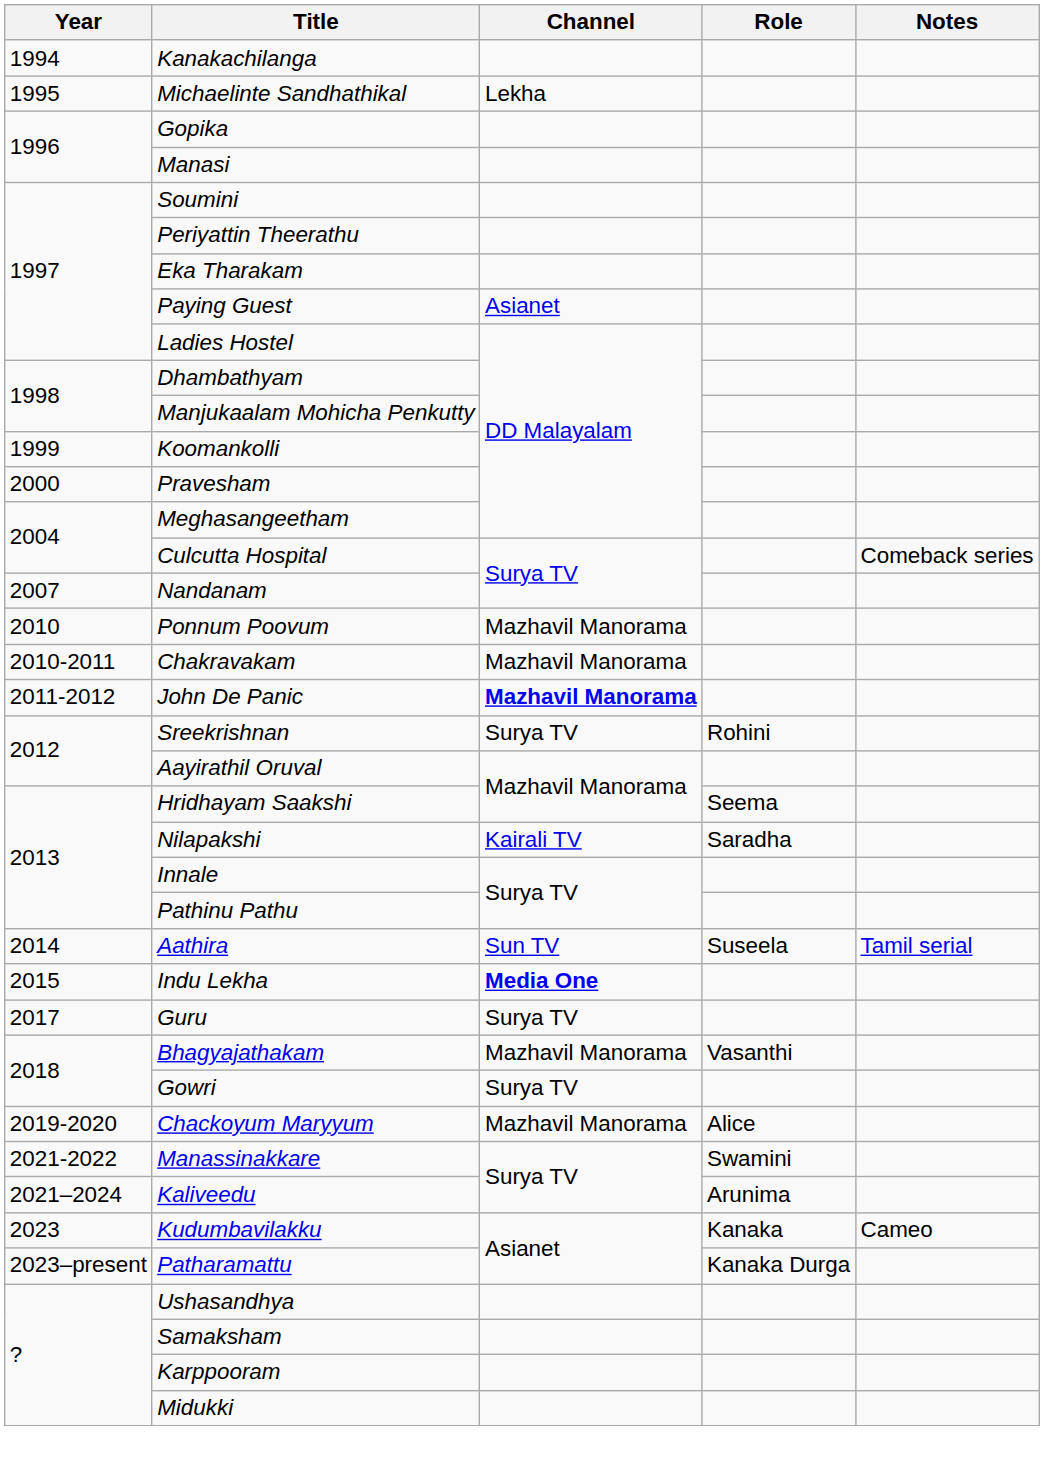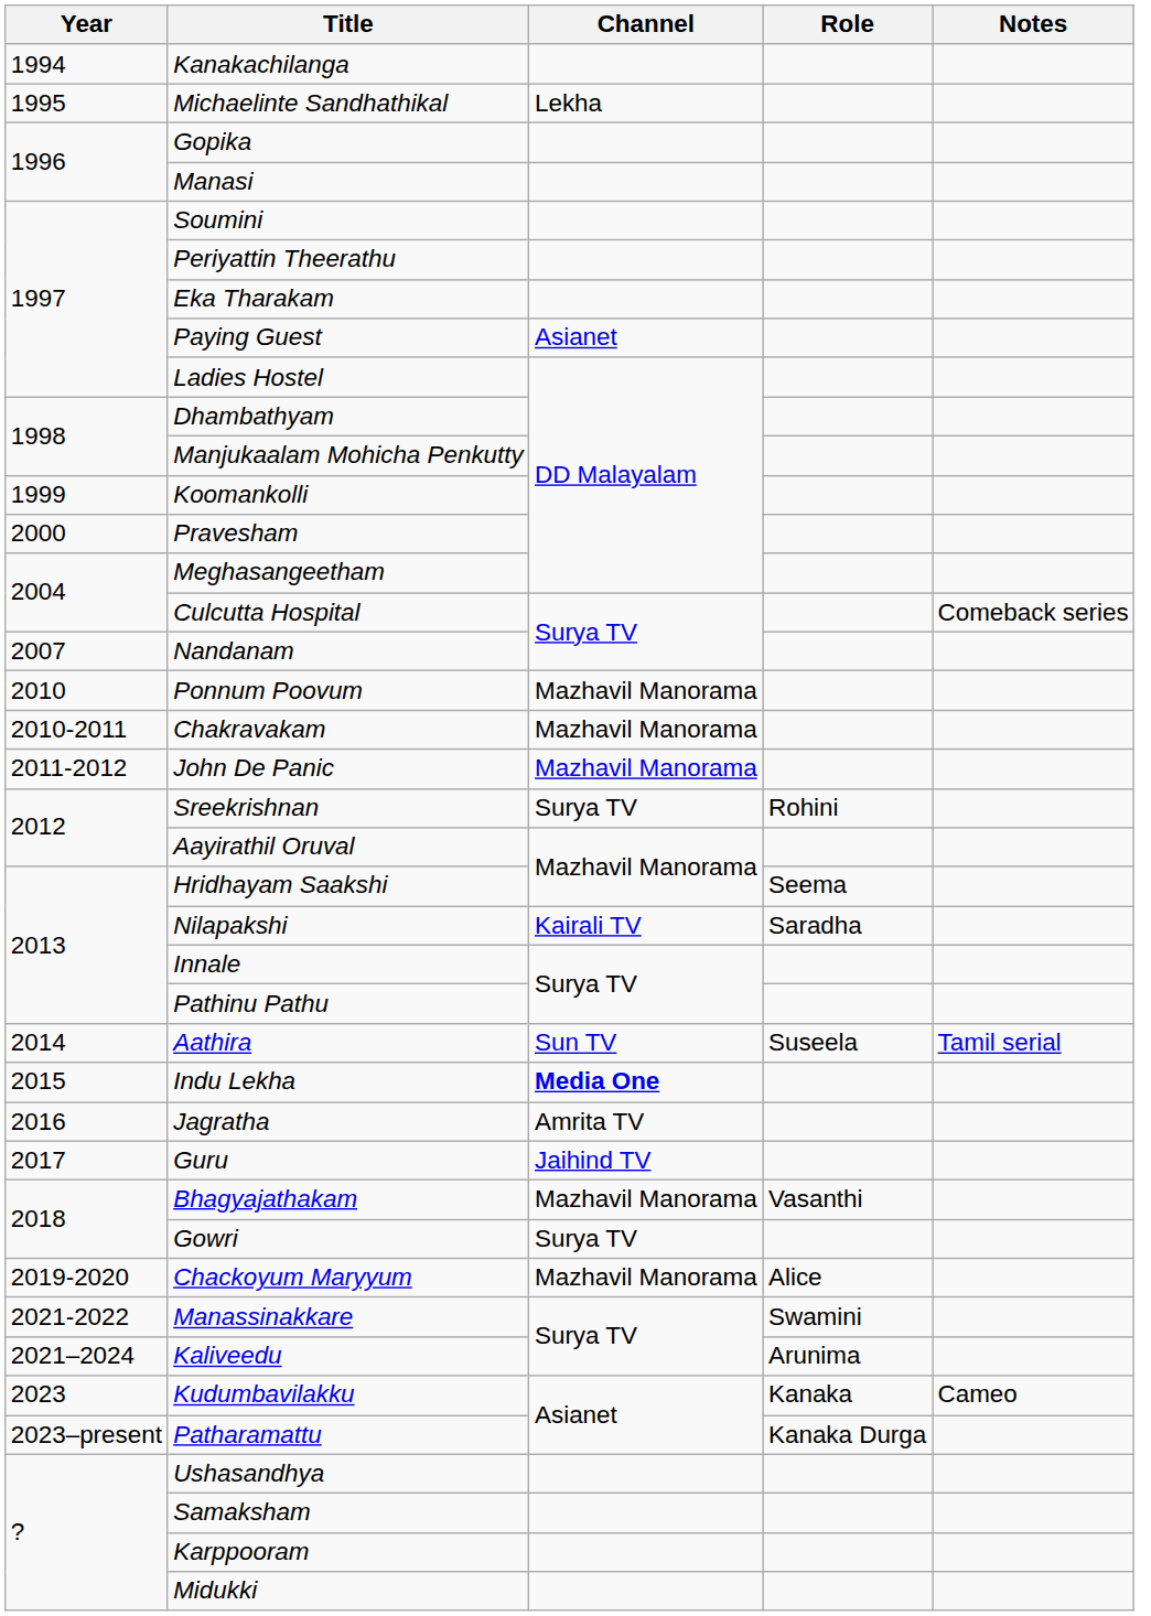 <table class="wikitable sortable">
 <tr>
 <th scope="col">Year</th>
 <th scope="col">Title</th>
 <th scope="col">Channel</th>
 <th scope="col" class="unsortable">Role</th>
 <th scope="col">Notes</th>
 </tr>
 <tr>
 <td>1994</td>
 <td><em>Kanakachilanga</em></td>
 <td></td>
 <td></td>
 <td></td>
 </tr>
 <tr>
 <td>1995</td>
 <td><em>Michaelinte Sandhathikal</em></td>
 <td>Lekha</td>
 <td></td>
 <td></td>
 </tr>
 <tr>
 <td rowspan="2">1996</td>
 <td><em>Gopika</em></td>
 <td></td>
 <td></td>
 <td></td>
 </tr>
 <tr>
 <td><em>Manasi</em></td>
 <td></td>
 <td></td>
 <td></td>
 </tr>
 <tr>
 <td rowspan="5">1997</td>
 <td><em>Soumini</em></td>
 <td></td>
 <td></td>
 <td></td>
 </tr>
 <tr>
 <td><em>Periyattin Theerathu</em></td>
 <td></td>
 <td></td>
 <td></td>
 </tr>
 <tr>
 <td><em>Eka Tharakam</em></td>
 <td></td>
 <td></td>
 <td></td>
 </tr>
 <tr>
 <td><em>Paying Guest</em></td>
 <td><a href='#'>Asianet</a></td>
 <td></td>
 <td></td>
 </tr>
 <tr>
 <td><em>Ladies Hostel</em></td>
 <td rowspan=6><a href='#'>DD Malayalam</a></td>
 <td></td>
 <td></td>
 </tr>
 <tr>
 <td rowspan="2">1998</td>
 <td><em>Dhambathyam</em></td>
 <td></td>
 <td></td>
 </tr>
 <tr>
 <td><em>Manjukaalam Mohicha Penkutty</em></td>
 <td></td>
 <td></td>
 </tr>
 <tr>
 <td>1999</td>
 <td><em>Koomankolli</em></td>
 <td></td>
 <td></td>
 </tr>
 <tr>
 <td>2000</td>
 <td><em>Pravesham</em></td>
 <td></td>
 <td></td>
 </tr>
 <tr>
 <td rowspan="2">2004</td>
 <td><em>Meghasangeetham</em></td>
 <td></td>
 <td></td>
 </tr>
 <tr>
 <td><em>Culcutta Hospital</em></td>
 <td rowspan="2"><a href='#'>Surya TV</a></td>
 <td></td>
 <td>Comeback series</td>
 </tr>
 <tr>
 <td>2007</td>
 <td><em>Nandanam</em></td>
 <td></td>
 <td></td>
 </tr>
 <tr>
 <td>2010</td>
 <td><em>Ponnum Poovum</em></td>
 <td>Mazhavil Manorama</td>
 <td></td>
 <td></td>
 </tr>
 <tr>
 <td>2010-2011</td>
 <td><em>Chakravakam</em></td>
 <td>Mazhavil Manorama</td>
 <td></td>
 <td></td>
 </tr>
 <tr>
 <td>2011-2012</td>
 <td><em>John De Panic</em></td>
-<td><strong><a href='#'>Mazhavil Manorama</a></strong></td>
+<td><a href='#'>Mazhavil Manorama</a></td>
 <td></td>
 <td></td>
 </tr>
 <tr>
 <td rowspan="2">2012</td>
 <td><em>Sreekrishnan</em></td>
 <td>Surya TV</td>
 <td>Rohini</td>
 <td></td>
 </tr>
 <tr>
 <td><em>Aayirathil Oruval</em></td>
 <td rowspan="2'">Mazhavil Manorama</td>
 <td></td>
 <td></td>
 </tr>
 <tr>
 <td rowspan="4">2013</td>
 <td><em>Hridhayam Saakshi</em></td>
 <td>Seema</td>
 <td></td>
 </tr>
 <tr>
 <td><em>Nilapakshi</em></td>
 <td><a href='#'>Kairali TV</a></td>
 <td>Saradha</td>
 <td></td>
 </tr>
 <tr>
 <td><em>Innale</em></td>
 <td rowspan="2">Surya TV</td>
 <td></td>
 <td></td>
 </tr>
 <tr>
 <td><em>Pathinu Pathu</em></td>
 <td></td>
 <td></td>
 </tr>
 <tr>
 <td>2014</td>
 <td><em><a href='#'>Aathira</a></em></td>
 <td><a href='#'>Sun TV</a></td>
 <td>Suseela</td>
 <td><a href='#'>Tamil serial</a></td>
 </tr>
 <tr>
 <td>2015</td>
 <td><em>Indu Lekha</em></td>
 <td><strong><a href='#'>Media One</a></strong></td>
 <td></td>
 <td></td>
 </tr>
 <tr>
+<td>2016</td>
+<td><em>Jagratha</em></td>
+<td>Amrita TV</td>
+<td></td>
+<td></td>
+</tr>
+<tr>
 <td>2017</td>
 <td><em>Guru</em></td>
-<td>Surya TV</td>
+<td><a href='#'>Jaihind TV</a></td>
 <td></td>
 <td></td>
 </tr>
 <tr>
 <td rowspan="2">2018</td>
 <td><em><a href='#'>Bhagyajathakam</a></em></td>
 <td>Mazhavil Manorama</td>
 <td>Vasanthi</td>
 <td></td>
 </tr>
 <tr>
 <td><em>Gowri</em></td>
 <td>Surya TV</td>
 <td></td>
 <td></td>
 </tr>
 <tr>
 <td>2019-2020</td>
 <td><em><a href='#'>Chackoyum Maryyum</a></em></td>
 <td>Mazhavil Manorama</td>
 <td>Alice</td>
 <td></td>
 </tr>
 <tr>
 <td>2021-2022</td>
 <td><em><a href='#'>Manassinakkare</a></em></td>
 <td rowspan="2">Surya TV</td>
 <td>Swamini</td>
 <td></td>
 </tr>
 <tr>
 <td>2021–2024</td>
 <td><em><a href='#'>Kaliveedu</a></em></td>
 <td>Arunima</td>
 <td></td>
 </tr>
 <tr>
 <td>2023</td>
 <td><em><a href='#'>Kudumbavilakku</a></em></td>
 <td rowspan="2">Asianet</td>
 <td>Kanaka</td>
 <td>Cameo</td>
 </tr>
 <tr>
 <td>2023–present</td>
 <td><em><a href='#'>Patharamattu</a></em></td>
 <td>Kanaka Durga</td>
 <td></td>
 </tr>
 <tr>
 <td rowspan="4">?</td>
 <td><em>Ushasandhya</em></td>
 <td></td>
 <td></td>
 <td></td>
 </tr>
 <tr>
 <td><em>Samaksham</em></td>
 <td></td>
 <td></td>
 <td></td>
 </tr>
 <tr>
 <td><em>Karppooram</em></td>
 <td></td>
 <td></td>
 <td></td>
 </tr>
 <tr>
 <td><em>Midukki</em></td>
 <td></td>
 <td></td>
 <td></td>
 </tr>
 </table>
